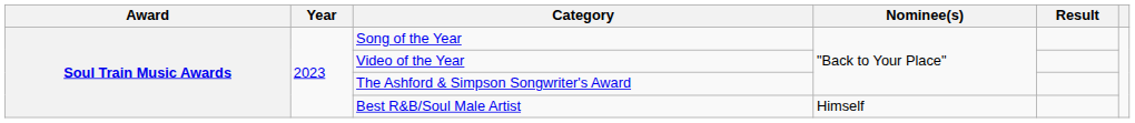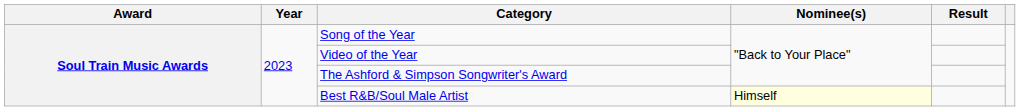 <table class="wikitable sortable plainrowheaders" width=100%>
 <tr>
 <th scope="col">Award</th>
 <th scope="col">Year</th>
 <th scope="col">Category</th>
 <th scope="col">Nominee(s)</th>
 <th scope="col">Result</th>
 <th scope="col" class="unsortable"></th>
 </tr>
 <tr>
 <th scope="row" rowspan="4"><a href='#'>Soul Train Music Awards</a></th>
 <td rowspan="4"><a href='#'>2023</a></td>
 <td><a href='#'>Song of the Year</a></td>
 <td rowspan="3">"Back to Your Place"</td>
 <td></td>
 <td rowspan="4"></td>
 </tr>
 <tr>
 <td><a href='#'>Video of the Year</a></td>
 <td></td>
 </tr>
 <tr>
 <td><a href='#'>The Ashford & Simpson Songwriter's Award</a></td>
 <td></td>
 </tr>
 <tr>
 <td><a href='#'>Best R&B/Soul Male Artist</a></td>
-<td>Himself</td>
+<td style="background: lightyellow;">Himself</td>
 <td></td>
 </tr>
 </table>
